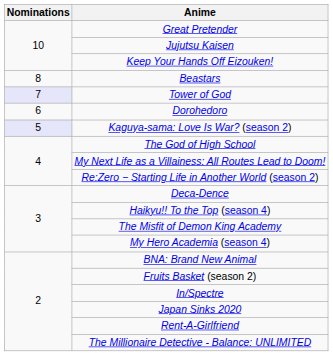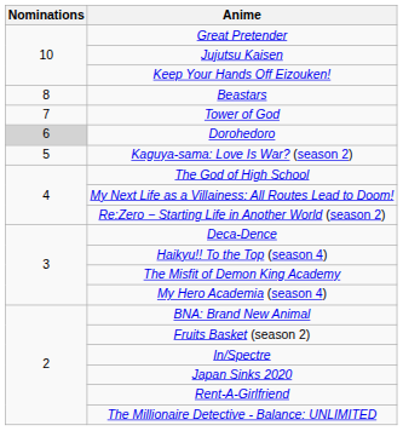 <table class="wikitable" style="text-align: center">
 <tr>
 <th scope="col" width="55">Nominations</th>
 <th scope="col" align="center">Anime</th>
 </tr>
 <tr>
 <td rowspan="3">10</td>
 <td><em><a href='#'>Great Pretender</a></em></td>
 </tr>
 <tr>
 <td><em><a href='#'>Jujutsu Kaisen</a></em></td>
 </tr>
 <tr>
 <td><em><a href='#'>Keep Your Hands Off Eizouken!</a></em></td>
 </tr>
 <tr>
 <td>8</td>
 <td><em><a href='#'>Beastars</a></em></td>
 </tr>
 <tr>
-<td style="background: lavender;">7</td>
+<td>7</td>
 <td><em><a href='#'>Tower of God</a></em></td>
 </tr>
 <tr>
-<td>6</td>
+<td style="background: lightgrey;">6</td>
 <td><em><a href='#'>Dorohedoro</a></em></td>
 </tr>
 <tr>
-<td style="background: lavender;">5</td>
+<td>5</td>
 <td><em><a href='#'>Kaguya-sama: Love Is War?</a></em> (<a href='#'>season 2</a>)</td>
 </tr>
 <tr>
 <td rowspan="3">4</td>
 <td><em><a href='#'>The God of High School</a></em></td>
 </tr>
 <tr>
 <td><em><a href='#'>My Next Life as a Villainess: All Routes Lead to Doom!</a></em></td>
 </tr>
 <tr>
 <td><em><a href='#'>Re:Zero − Starting Life in Another World</a></em> (<a href='#'>season 2</a>)</td>
 </tr>
 <tr>
 <td rowspan="4">3</td>
 <td><em><a href='#'>Deca-Dence</a></em></td>
 </tr>
 <tr>
 <td><em><a href='#'>Haikyu!! To the Top</a></em> (<a href='#'>season 4</a>)</td>
 </tr>
 <tr>
 <td><em><a href='#'>The Misfit of Demon King Academy</a></em></td>
 </tr>
 <tr>
 <td><em><a href='#'>My Hero Academia</a></em> (<a href='#'>season 4</a>)</td>
 </tr>
 <tr>
 <td rowspan="6">2</td>
 <td><em><a href='#'>BNA: Brand New Animal</a></em></td>
 </tr>
 <tr>
 <td><em><a href='#'>Fruits Basket</a></em> (season 2)</td>
 </tr>
 <tr>
 <td><em><a href='#'>In/Spectre</a></em></td>
 </tr>
 <tr>
 <td><em><a href='#'>Japan Sinks 2020</a></em></td>
 </tr>
 <tr>
 <td><em><a href='#'>Rent-A-Girlfriend</a></em></td>
 </tr>
 <tr>
 <td><em><a href='#'>The Millionaire Detective - Balance: UNLIMITED</a></em></td>
 </tr>
 </table>
